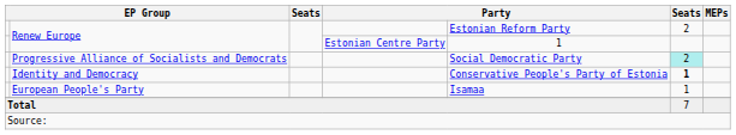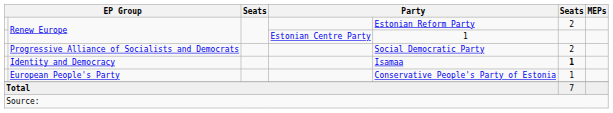 <table class="wikitable">
 <tr>
 <th colspan=2>EP Group</th>
 <th>Seats</th>
 <th colspan=2>Party</th>
 <th>Seats</th>
 <th>MEPs</th>
 </tr>
 <tr>
 <td></td>
 <td rowspan="2"><a href='#'>Renew Europe</a></td>
 <td rowspan="2"></td>
 <td style="background:"></td>
 <td><a href='#'>Estonian Reform Party</a></td>
 <td align=center>2</td>
 <td></td>
 </tr>
 <tr>
 <td style="background:"></td>
 <td><a href='#'>Estonian Centre Party</a></td>
 <td align=center>1</td>
 <td></td>
 </tr>
 <tr>
 <td></td>
 <td><a href='#'>Progressive Alliance of Socialists and Democrats</a></td>
 <td></td>
 <td style="background:"></td>
 <td><a href='#'>Social Democratic Party</a></td>
-<td align=center style="background: paleturquoise;">2</td>
+<td align=center>2</td>
 <td></td>
 </tr>
 <tr>
 <td></td>
 <td><a href='#'>Identity and Democracy</a></td>
 <td></td>
 <td style="background:"></td>
-<td><a href='#'>Conservative People's Party of Estonia</a></td>
+<td><a href='#'>Isamaa</a></td>
 <td align=center><strong>1</strong></td>
 <td></td>
 </tr>
 <tr>
 <td></td>
 <td><a href='#'>European People's Party</a></td>
 <td></td>
 <td style="background:"></td>
-<td><a href='#'>Isamaa</a></td>
+<td><a href='#'>Conservative People's Party of Estonia</a></td>
 <td align=center>1</td>
 <td></td>
 </tr>
 <tr>
 </tr>
 <tr bgcolor="EFEFEF">
 <td colspan=5 align=left><strong>Total</strong></td>
 <td align=center>7</td>
 <td></td>
 </tr>
 <tr>
 <td colspan="7">Source: </td>
 </tr>
 </table>
